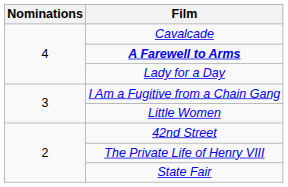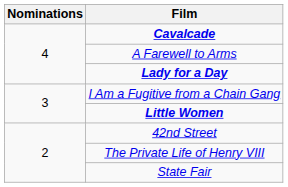 <table class="wikitable plainrowheaders" style="text-align: center; margin-right:1em;">
 <tr>
 <th scope="col" style="width:55px;">Nominations</th>
 <th scope="col" style="text-align:center;">Film</th>
 </tr>
 <tr>
 <td scope="row" rowspan="3" style="text-align:center">4</td>
-<td><em><a href='#'>Cavalcade</a></em></td>
+<td><strong><em><a href='#'>Cavalcade</a></em></strong></td>
 </tr>
 <tr>
-<td><strong><em><a href='#'>A Farewell to Arms</a></em></strong></td>
+<td><em><a href='#'>A Farewell to Arms</a></em></td>
 </tr>
 <tr>
-<td><em><a href='#'>Lady for a Day</a></em></td>
+<td><strong><em><a href='#'>Lady for a Day</a></em></strong></td>
 </tr>
 <tr>
 <td scope="row" rowspan="2" style="text-align:center">3</td>
 <td><em><a href='#'>I Am a Fugitive from a Chain Gang</a></em></td>
 </tr>
 <tr>
-<td><em><a href='#'>Little Women</a></em></td>
+<td><strong><em><a href='#'>Little Women</a></em></strong></td>
 </tr>
 <tr>
 <td scope="row" rowspan="3" style="text-align:center">2</td>
 <td><em><a href='#'>42nd Street</a></em></td>
 </tr>
 <tr>
 <td><em><a href='#'>The Private Life of Henry VIII</a></em></td>
 </tr>
 <tr>
 <td><em><a href='#'>State Fair</a></em></td>
 </tr>
 </table>
